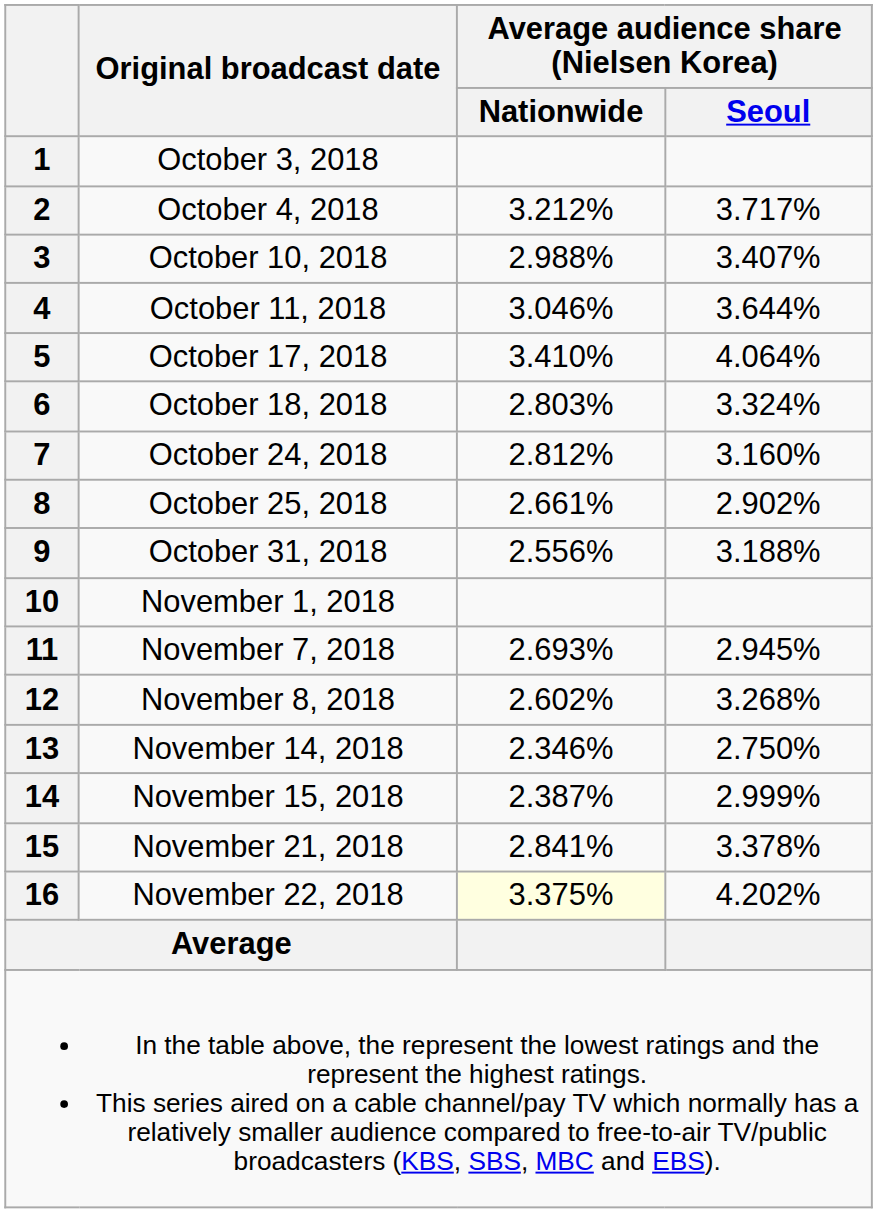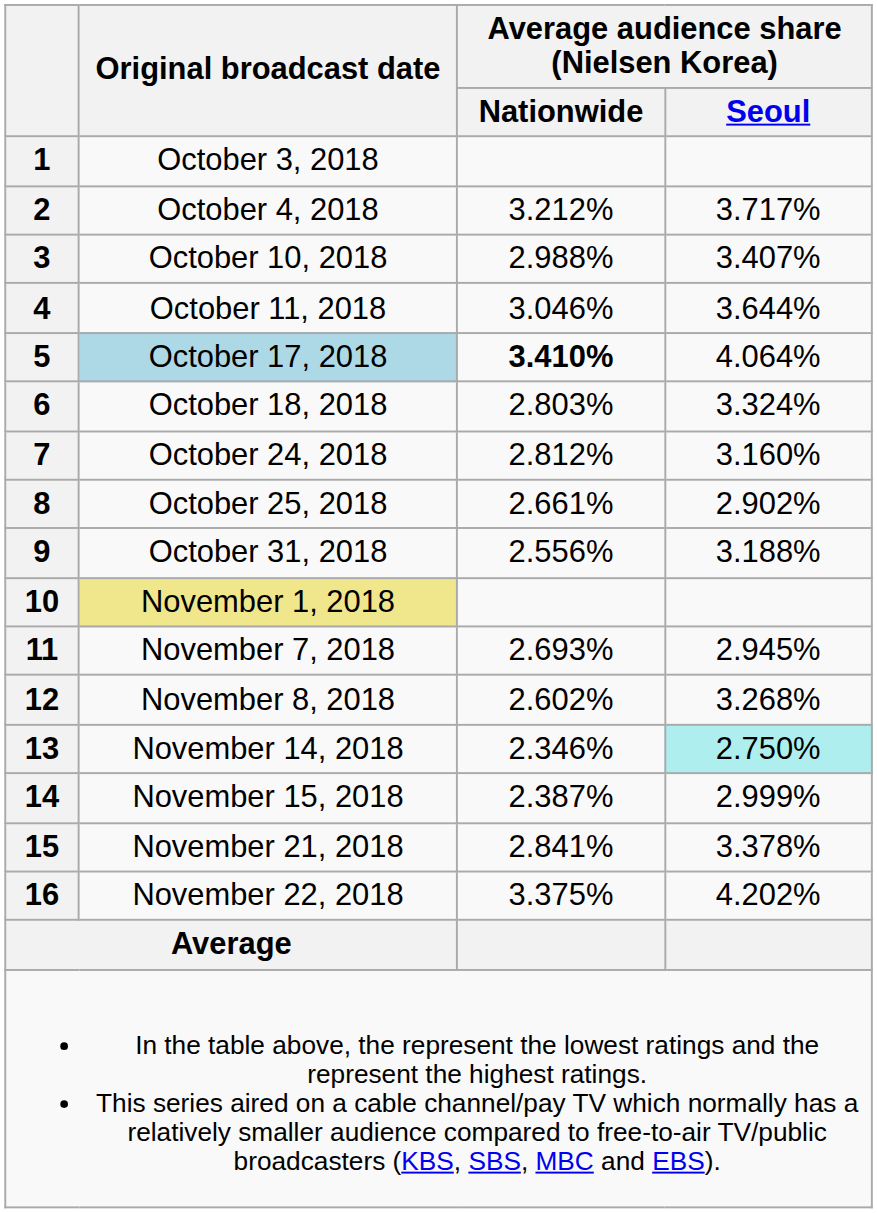 <table class="wikitable" style="text-align:center;max-width:450px; margin-left: auto; margin-right: auto; border: none;">
 <tr>
 </tr>
 <tr>
 <th rowspan="2"></th>
 <th rowspan="2">Original broadcast date</th>
 <th colspan="2">Average audience share<br>(Nielsen Korea)</th>
 </tr>
 <tr>
 <th width="100">Nationwide</th>
 <th width="100"><a href='#'>Seoul</a></th>
 </tr>
 <tr>
 <th>1</th>
 <td>October 3, 2018</td>
 <td><strong></strong> </td>
 <td><strong></strong> </td>
 </tr>
 <tr>
 <th>2</th>
 <td>October 4, 2018</td>
 <td>3.212% </td>
 <td>3.717% </td>
 </tr>
 <tr>
 <th>3</th>
 <td>October 10, 2018</td>
 <td>2.988% </td>
 <td>3.407% </td>
 </tr>
 <tr>
 <th>4</th>
 <td>October 11, 2018</td>
 <td>3.046% </td>
 <td>3.644% </td>
 </tr>
 <tr>
 <th>5</th>
-<td>October 17, 2018</td>
-<td>3.410% </td>
+<td style="background: lightblue;">October 17, 2018</td>
+<td><strong>3.410% </strong></td>
 <td>4.064% </td>
 </tr>
 <tr>
 <th>6</th>
 <td>October 18, 2018</td>
 <td>2.803% </td>
 <td>3.324% </td>
 </tr>
 <tr>
 <th>7</th>
 <td>October 24, 2018</td>
 <td>2.812% </td>
 <td>3.160% </td>
 </tr>
 <tr>
 <th>8</th>
 <td>October 25, 2018</td>
 <td>2.661% </td>
 <td>2.902% </td>
 </tr>
 <tr>
 <th>9</th>
 <td>October 31, 2018</td>
 <td>2.556% </td>
 <td>3.188% </td>
 </tr>
 <tr>
 <th>10</th>
-<td>November 1, 2018</td>
+<td style="background: khaki;">November 1, 2018</td>
 <td><strong></strong> </td>
 <td><strong></strong> </td>
 </tr>
 <tr>
 <th>11</th>
 <td>November 7, 2018</td>
 <td>2.693% </td>
 <td>2.945% </td>
 </tr>
 <tr>
 <th>12</th>
 <td>November 8, 2018</td>
 <td>2.602% </td>
 <td>3.268% </td>
 </tr>
 <tr>
 <th>13</th>
 <td>November 14, 2018</td>
 <td>2.346% </td>
-<td>2.750% </td>
+<td style="background: paleturquoise;">2.750% </td>
 </tr>
 <tr>
 <th>14</th>
 <td>November 15, 2018</td>
 <td>2.387% </td>
 <td>2.999% </td>
 </tr>
 <tr>
 <th>15</th>
 <td>November 21, 2018</td>
 <td>2.841% </td>
 <td>3.378% </td>
 </tr>
 <tr>
 <th>16</th>
 <td>November 22, 2018</td>
-<td style="background: lightyellow;">3.375% </td>
+<td>3.375% </td>
 <td>4.202% </td>
 </tr>
 <tr>
 <th colspan="2">Average</th>
 <th></th>
 <th></th>
 </tr>
 <tr>
 <td colspan="4" style="font-size:85%"><br><ul><li>In the table above, the <strong></strong> represent the lowest ratings and the <strong></strong> represent the highest ratings.</li><li>This series aired on a cable channel/pay TV which normally has a relatively smaller audience compared to free-to-air TV/public broadcasters (<a href='#'>KBS</a>, <a href='#'>SBS</a>, <a href='#'>MBC</a> and <a href='#'>EBS</a>).</li></ul></td>
 </tr>
 </table>
